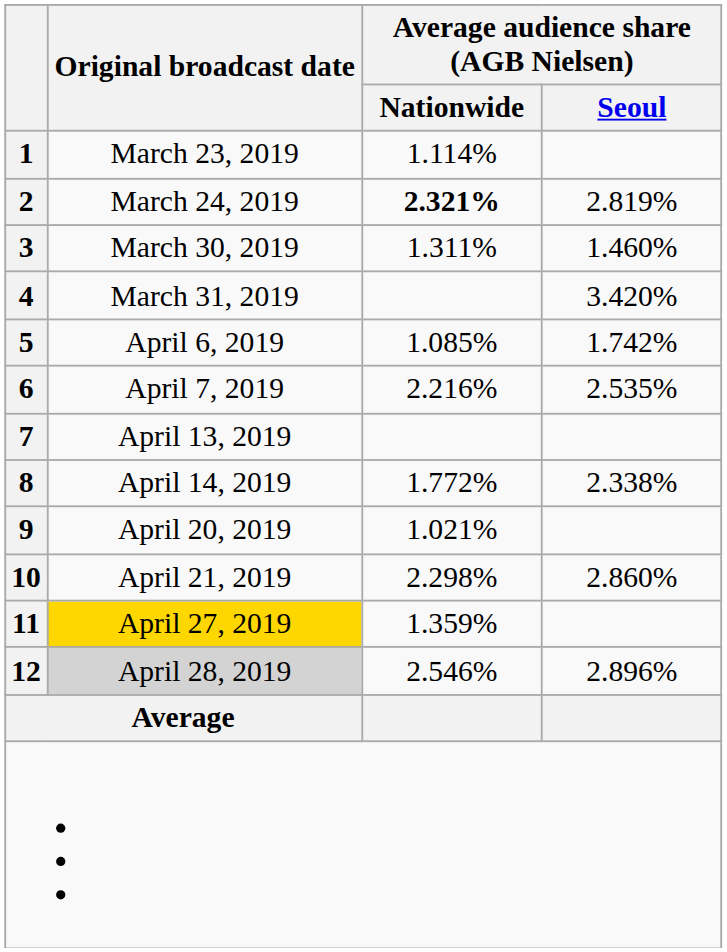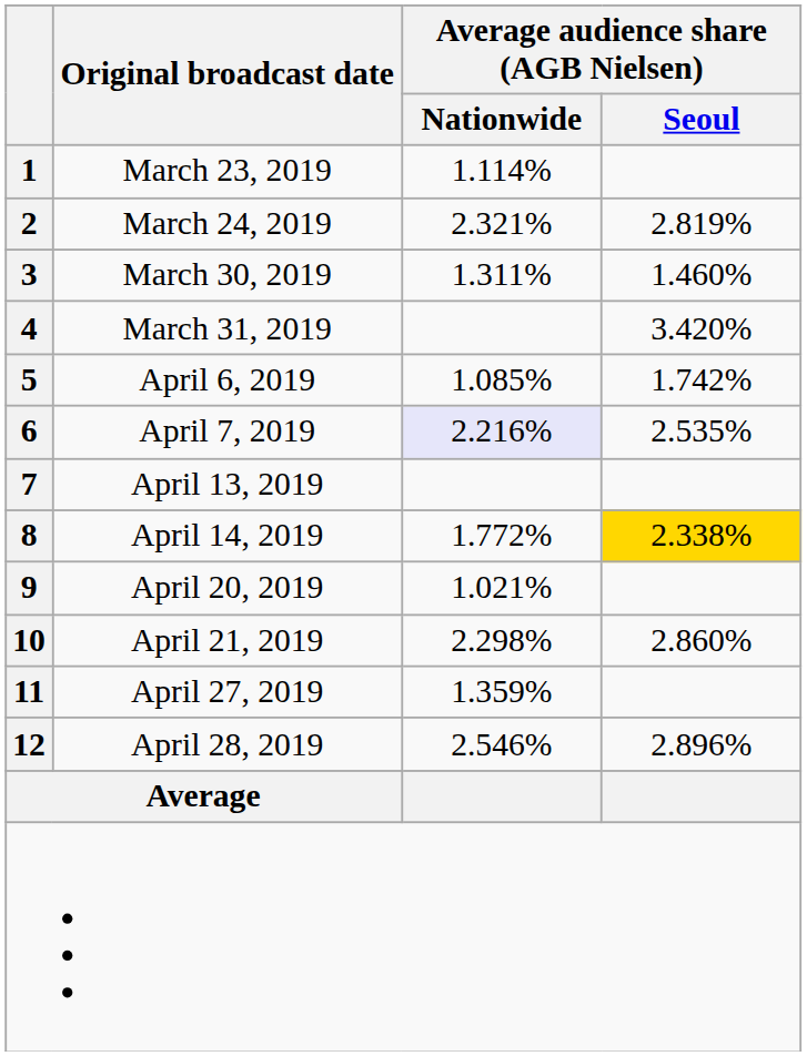 <table class="wikitable" style="text-align:center;max-width:450px; margin-left: auto; margin-right: auto; border: none;">
 <tr>
 </tr>
 <tr>
 <th rowspan="2"></th>
 <th rowspan="2">Original broadcast date</th>
 <th colspan="2">Average audience share<br>(AGB Nielsen)</th>
 </tr>
 <tr>
 <th width="90">Nationwide</th>
 <th width="90"><a href='#'>Seoul</a></th>
 </tr>
 <tr>
 <th>1</th>
 <td>March 23, 2019</td>
 <td>1.114%</td>
 <td></td>
 </tr>
 <tr>
 <th>2</th>
 <td>March 24, 2019</td>
-<td><strong>2.321%</strong></td>
+<td>2.321%</td>
 <td>2.819%</td>
 </tr>
 <tr>
 <th>3</th>
 <td>March 30, 2019</td>
 <td>1.311%</td>
 <td>1.460%</td>
 </tr>
 <tr>
 <th>4</th>
 <td>March 31, 2019</td>
 <td></td>
 <td>3.420%</td>
 </tr>
 <tr>
 <th>5</th>
 <td>April 6, 2019</td>
 <td>1.085%</td>
 <td>1.742%</td>
 </tr>
 <tr>
 <th>6</th>
 <td>April 7, 2019</td>
-<td>2.216%</td>
+<td style="background: lavender;">2.216%</td>
 <td>2.535%</td>
 </tr>
 <tr>
 <th>7</th>
 <td>April 13, 2019</td>
 <td></td>
 <td></td>
 </tr>
 <tr>
 <th>8</th>
 <td>April 14, 2019</td>
 <td>1.772%</td>
-<td>2.338%</td>
+<td style="background: gold;">2.338%</td>
 </tr>
 <tr>
 <th>9</th>
 <td>April 20, 2019</td>
 <td>1.021%</td>
 <td></td>
 </tr>
 <tr>
 <th>10</th>
 <td>April 21, 2019</td>
 <td>2.298%</td>
 <td>2.860%</td>
 </tr>
 <tr>
 <th>11</th>
-<td style="background: gold;">April 27, 2019</td>
+<td>April 27, 2019</td>
 <td>1.359%</td>
 <td></td>
 </tr>
 <tr>
 <th>12</th>
-<td style="background: lightgrey;">April 28, 2019</td>
+<td>April 28, 2019</td>
 <td>2.546%</td>
 <td>2.896%</td>
 </tr>
 <tr>
 <th colspan="2">Average</th>
 <th></th>
 <th></th>
 </tr>
 <tr>
 <td colspan="6"><br><ul><li></li><li></li><li></li></ul></td>
 </tr>
 </table>
